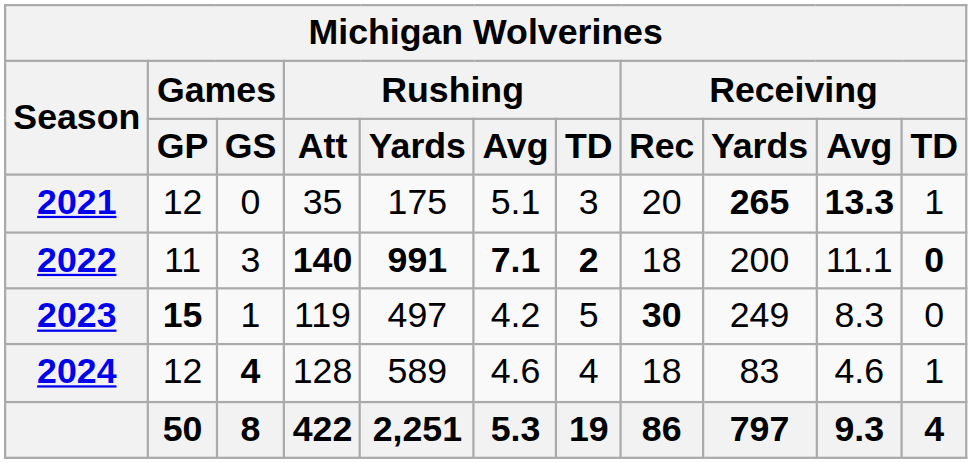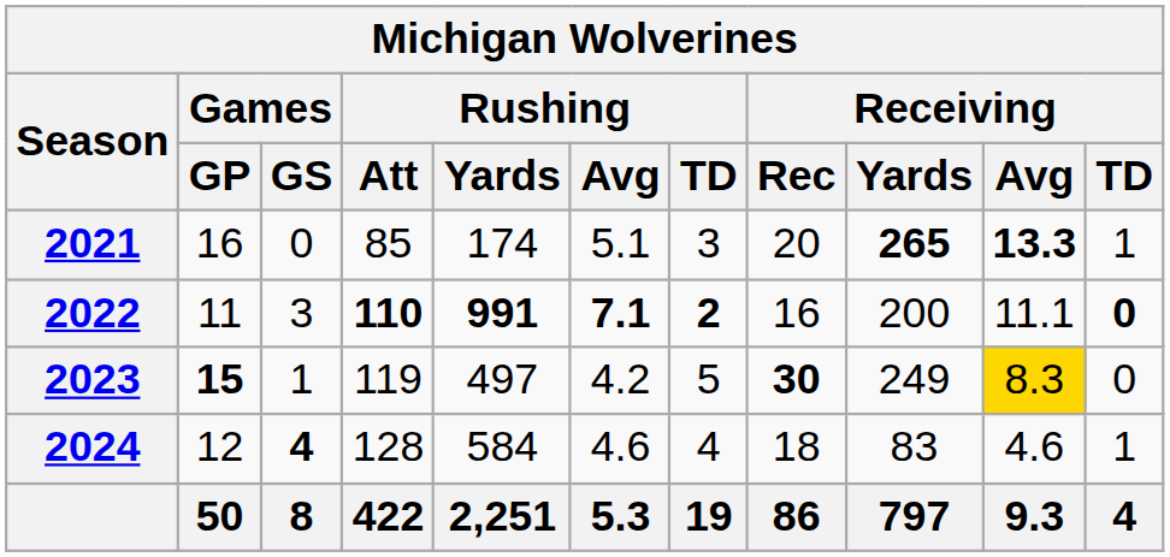 <table class="wikitable" style="text-align:center;">
 <tr>
 <th colspan="12">Michigan Wolverines</th>
 </tr>
 <tr>
 <th rowspan="2">Season</th>
 <th colspan="2">Games</th>
 <th colspan="4">Rushing</th>
 <th colspan="4">Receiving</th>
 </tr>
 <tr>
 <th>GP</th>
 <th>GS</th>
 <th>Att</th>
 <th>Yards</th>
 <th>Avg</th>
 <th>TD</th>
 <th>Rec</th>
 <th>Yards</th>
 <th>Avg</th>
 <th>TD</th>
 </tr>
 <tr>
 <th><a href='#'>2021</a></th>
-<td>12</td>
+<td>16</td>
 <td>0</td>
-<td>35</td>
-<td>175</td>
+<td>85</td>
+<td>174</td>
 <td>5.1</td>
 <td>3</td>
 <td>20</td>
 <td><strong>265</strong></td>
 <td><strong>13.3</strong></td>
 <td>1</td>
 </tr>
 <tr>
 <th><a href='#'>2022</a></th>
 <td>11</td>
 <td>3</td>
-<td><strong>140</strong></td>
+<td><strong>110</strong></td>
 <td><strong>991</strong></td>
 <td><strong>7.1</strong></td>
 <td><strong>2</strong></td>
-<td>18</td>
+<td>16</td>
 <td>200</td>
 <td>11.1</td>
 <td><strong>0</strong></td>
 </tr>
 <tr>
 <th><a href='#'>2023</a></th>
 <td><strong>15</strong></td>
 <td>1</td>
 <td>119</td>
 <td>497</td>
 <td>4.2</td>
 <td>5</td>
 <td><strong>30</strong></td>
 <td>249</td>
-<td>8.3</td>
+<td style="background: gold;">8.3</td>
 <td>0</td>
 </tr>
 <tr>
 <th><a href='#'>2024</a></th>
 <td>12</td>
 <td><strong>4</strong></td>
 <td>128</td>
-<td>589</td>
+<td>584</td>
 <td>4.6</td>
 <td>4</td>
 <td>18</td>
 <td>83</td>
 <td>4.6</td>
 <td>1</td>
 </tr>
 <tr>
 <th></th>
 <th>50</th>
 <th>8</th>
 <th>422</th>
 <th>2,251</th>
 <th>5.3</th>
 <th>19</th>
 <th>86</th>
 <th>797</th>
 <th>9.3</th>
 <th>4</th>
 </tr>
 </table>
